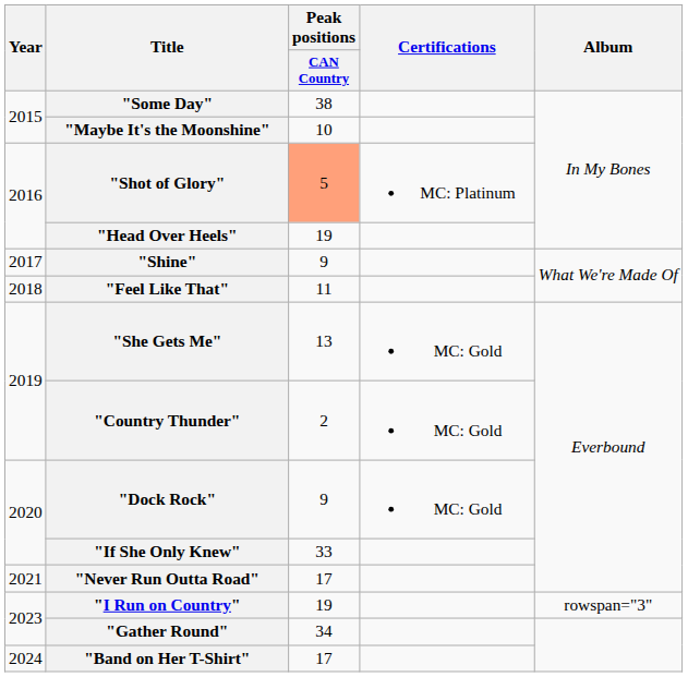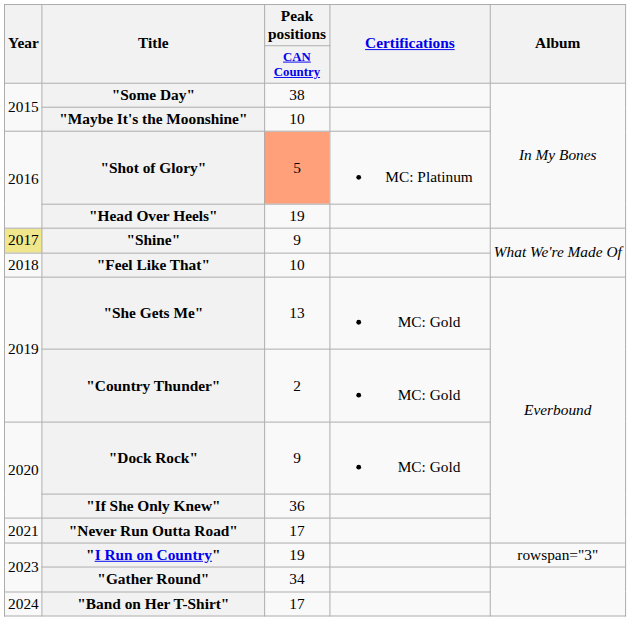 <table class="wikitable plainrowheaders" style="text-align:center;">
 <tr>
 <th scope="col" rowspan="2">Year</th>
 <th scope="col" rowspan="2" style="width:14em;">Title</th>
 <th scope="col">Peak<br>positions</th>
 <th scope="col" rowspan="2" style="width:10em;"><a href='#'>Certifications</a></th>
 <th scope="col" rowspan="2">Album</th>
 </tr>
 <tr style="font-size:smaller;">
 <th scope="col"><a href='#'>CAN<br>Country</a><br></th>
 </tr>
 <tr>
 <td rowspan="2">2015</td>
 <th scope="row">"Some Day"</th>
 <td>38</td>
 <td></td>
 <td rowspan="4"><em>In My Bones</em></td>
 </tr>
 <tr>
 <th scope="row">"Maybe It's the Moonshine"</th>
 <td>10</td>
 <td></td>
 </tr>
 <tr>
 <td rowspan="2">2016</td>
 <th scope="row">"Shot of Glory"</th>
 <td style="background: lightsalmon;">5</td>
 <td><br><ul><li>MC: Platinum</li></ul></td>
 </tr>
 <tr>
 <th scope="row">"Head Over Heels"</th>
 <td>19</td>
 <td></td>
 </tr>
 <tr>
-<td>2017</td>
+<td style="background: khaki;">2017</td>
 <th scope="row">"Shine"</th>
 <td>9</td>
 <td></td>
 <td rowspan="2"><em>What We're Made Of</em></td>
 </tr>
 <tr>
 <td>2018</td>
 <th scope="row">"Feel Like That"</th>
-<td>11</td>
+<td>10</td>
 <td></td>
 </tr>
 <tr>
 <td rowspan="2">2019</td>
 <th scope="row">"She Gets Me"</th>
 <td>13</td>
 <td><br><ul><li>MC: Gold</li></ul></td>
 <td rowspan="5"><em>Everbound</em></td>
 </tr>
 <tr>
 <th scope="row">"Country Thunder"</th>
 <td>2</td>
 <td><br><ul><li>MC: Gold</li></ul></td>
 </tr>
 <tr>
 <td rowspan="2">2020</td>
 <th scope="row">"Dock Rock"</th>
 <td>9</td>
 <td><br><ul><li>MC: Gold</li></ul></td>
 </tr>
 <tr>
 <th scope="row">"If She Only Knew"</th>
-<td>33</td>
+<td>36</td>
 <td></td>
 </tr>
 <tr>
 <td>2021</td>
 <th scope="row">"Never Run Outta Road"</th>
 <td>17</td>
 <td></td>
 </tr>
 <tr>
 <td rowspan="2">2023</td>
 <th scope="row">"<a href='#'>I Run on Country</a>"</th>
 <td>19</td>
 <td></td>
 <td>rowspan="3" </td>
 </tr>
 <tr>
 <th scope="row">"Gather Round"</th>
 <td>34</td>
 <td></td>
 </tr>
 <tr>
 <td>2024</td>
 <th scope="row">"Band on Her T-Shirt"</th>
 <td>17</td>
 <td></td>
 </tr>
 </table>
